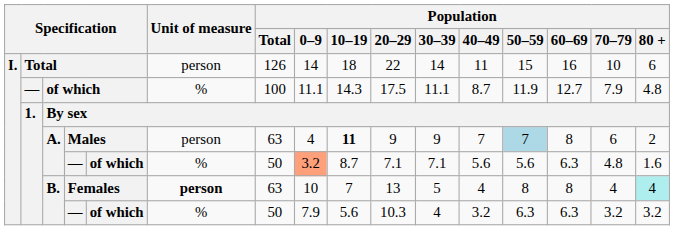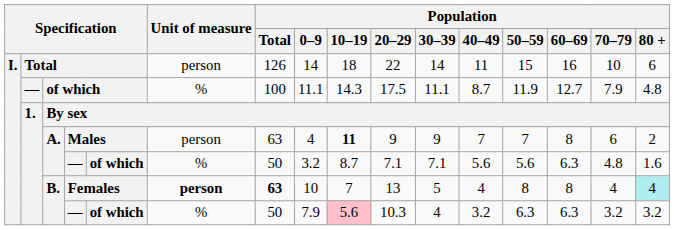 <table class="wikitable" style="font-size:85%; text-align:center">
 <tr>
 <th rowspan="2" colspan="5">Specification</th>
 <th rowspan="2">Unit of measure</th>
 <th colspan="10" rowspan="1">Population</th>
 </tr>
 <tr>
 <th>Total</th>
 <th>0–9</th>
 <th>10–19</th>
 <th>20–29</th>
 <th>30–39</th>
 <th>40–49</th>
 <th>50–59</th>
 <th>60–69</th>
 <th>70–79</th>
 <th>80 +</th>
 </tr>
 <tr>
 <th style="text-align:left" valign="top" rowspan="7">I.</th>
 <th style="text-align:left" colspan="4">Total</th>
 <td>person</td>
 <td>126</td>
 <td>14</td>
 <td>18</td>
 <td>22</td>
 <td>14</td>
 <td>11</td>
 <td>15</td>
 <td>16</td>
 <td>10</td>
 <td>6</td>
 </tr>
 <tr>
 <th style="text-align:left" valign="top">—</th>
 <th style="text-align:left" colspan="3">of which</th>
 <td>%</td>
 <td>100</td>
 <td>11.1</td>
 <td>14.3</td>
 <td>17.5</td>
 <td>11.1</td>
 <td>8.7</td>
 <td>11.9</td>
 <td>12.7</td>
 <td>7.9</td>
 <td>4.8</td>
 </tr>
 <tr>
 <th style="text-align:left" valign="top" rowspan="5">1.</th>
 <th style="text-align:left" colspan="14">By sex</th>
 </tr>
 <tr>
 <th style="text-align:left" valign="top" rowspan="2">A.</th>
 <th style="text-align:left" colspan="2">Males</th>
 <td>person</td>
 <td>63</td>
 <td>4</td>
 <td><strong>11</strong></td>
 <td>9</td>
 <td>9</td>
 <td>7</td>
-<td style="background: lightblue;">7</td>
+<td>7</td>
 <td>8</td>
 <td>6</td>
 <td>2</td>
 </tr>
 <tr>
 <th style="text-align:left" valign="top">—</th>
 <th style="text-align:left" colspan="1">of which</th>
 <td>%</td>
 <td>50</td>
-<td style="background: lightsalmon;">3.2</td>
+<td>3.2</td>
 <td>8.7</td>
 <td>7.1</td>
 <td>7.1</td>
 <td>5.6</td>
 <td>5.6</td>
 <td>6.3</td>
 <td>4.8</td>
 <td>1.6</td>
 </tr>
 <tr>
 <th style="text-align:left" valign="top" rowspan="2">B.</th>
 <th style="text-align:left" colspan="2">Females</th>
 <td><strong>person</strong></td>
-<td>63</td>
+<td><strong>63</strong></td>
 <td>10</td>
 <td>7</td>
 <td>13</td>
 <td>5</td>
 <td>4</td>
 <td>8</td>
 <td>8</td>
 <td>4</td>
 <td style="background: paleturquoise;">4</td>
 </tr>
 <tr>
 <th style="text-align:left" valign="top">—</th>
 <th style="text-align:left" colspan="1">of which</th>
 <td>%</td>
 <td>50</td>
 <td>7.9</td>
-<td>5.6</td>
+<td style="background: pink;">5.6</td>
 <td>10.3</td>
 <td>4</td>
 <td>3.2</td>
 <td>6.3</td>
 <td>6.3</td>
 <td>3.2</td>
 <td>3.2</td>
 </tr>
 </table>
